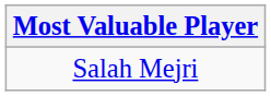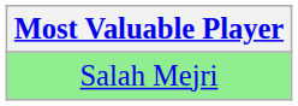 <table class=wikitable style="text-align:center; margin:auto">
 <tr>
 <th><a href='#'>Most Valuable Player</a></th>
 </tr>
 <tr>
-<td> <a href='#'>Salah Mejri</a></td>
+<td style="background: lightgreen;"> <a href='#'>Salah Mejri</a></td>
 </tr>
 </table>
